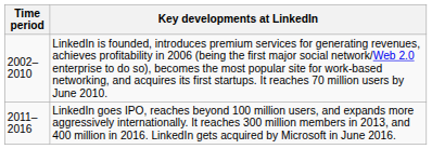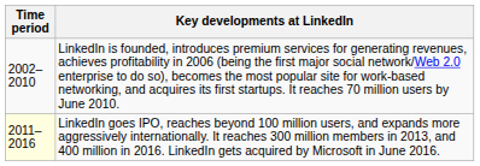 <table class="wikitable sortable">
 <tr>
 <th>Time period</th>
 <th class="unsortable">Key developments at LinkedIn</th>
 </tr>
 <tr>
 <td>2002–2010</td>
 <td>LinkedIn is founded, introduces premium services for generating revenues, achieves profitability in 2006 (being the first major social network/<a href='#'>Web 2.0</a> enterprise to do so), becomes the most popular site for work-based networking, and acquires its first startups. It reaches 70 million users by June 2010.</td>
 </tr>
 <tr>
-<td>2011–2016</td>
+<td style="background: lightyellow;">2011–2016</td>
 <td>LinkedIn goes IPO, reaches beyond 100 million users, and expands more aggressively internationally. It reaches 300 million members in 2013, and 400 million in 2016. LinkedIn gets acquired by Microsoft in June 2016.</td>
 </tr>
 </table>
